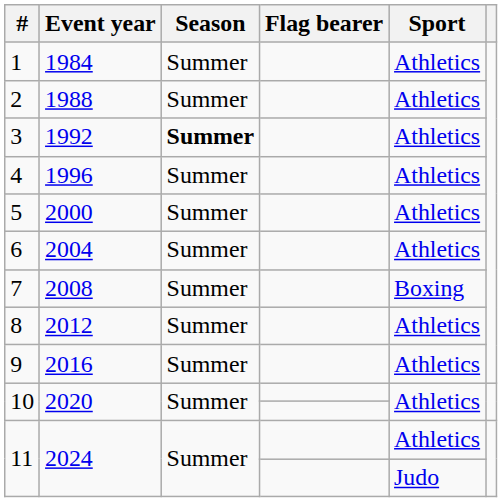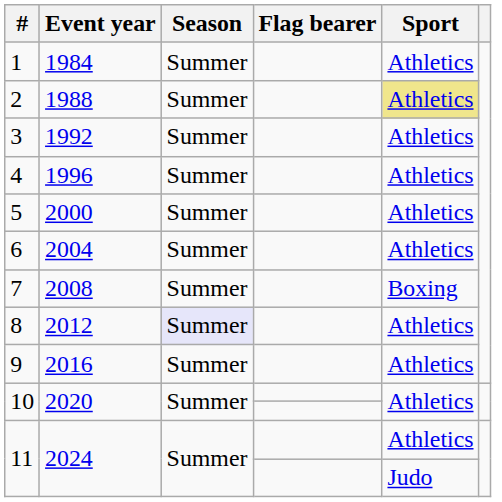 <table class="wikitable sortable">
 <tr>
 <th>#</th>
 <th>Event year</th>
 <th>Season</th>
 <th>Flag bearer</th>
 <th>Sport</th>
 <th></th>
 </tr>
 <tr>
 <td>1</td>
 <td><a href='#'>1984</a></td>
 <td>Summer</td>
 <td></td>
 <td><a href='#'>Athletics</a></td>
 <td rowspan=9></td>
 </tr>
 <tr>
 <td>2</td>
 <td><a href='#'>1988</a></td>
 <td>Summer</td>
 <td></td>
-<td><a href='#'>Athletics</a></td>
+<td style="background: khaki;"><a href='#'>Athletics</a></td>
 </tr>
 <tr>
 <td>3</td>
 <td><a href='#'>1992</a></td>
-<td><strong>Summer</strong></td>
+<td>Summer</td>
 <td></td>
 <td><a href='#'>Athletics</a></td>
 </tr>
 <tr>
 <td>4</td>
 <td><a href='#'>1996</a></td>
 <td>Summer</td>
 <td></td>
 <td><a href='#'>Athletics</a></td>
 </tr>
 <tr>
 <td>5</td>
 <td><a href='#'>2000</a></td>
 <td>Summer</td>
 <td></td>
 <td><a href='#'>Athletics</a></td>
 </tr>
 <tr>
 <td>6</td>
 <td><a href='#'>2004</a></td>
 <td>Summer</td>
 <td></td>
 <td><a href='#'>Athletics</a></td>
 </tr>
 <tr>
 <td>7</td>
 <td><a href='#'>2008</a></td>
 <td>Summer</td>
 <td></td>
 <td><a href='#'>Boxing</a></td>
 </tr>
 <tr>
 <td>8</td>
 <td><a href='#'>2012</a></td>
-<td>Summer</td>
+<td style="background: lavender;">Summer</td>
 <td></td>
 <td><a href='#'>Athletics</a></td>
 </tr>
 <tr>
 <td>9</td>
 <td><a href='#'>2016</a></td>
 <td>Summer</td>
 <td></td>
 <td><a href='#'>Athletics</a></td>
 </tr>
 <tr>
 <td rowspan=2>10</td>
 <td rowspan=2><a href='#'>2020</a></td>
 <td rowspan=2>Summer</td>
 <td></td>
 <td rowspan=2><a href='#'>Athletics</a></td>
 <td rowspan=2></td>
 </tr>
 <tr>
 <td></td>
 </tr>
 <tr>
 <td rowspan=2>11</td>
 <td rowspan=2><a href='#'>2024</a></td>
 <td rowspan=2>Summer</td>
 <td></td>
 <td><a href='#'>Athletics</a></td>
 <td rowspan=2></td>
 </tr>
 <tr>
 <td></td>
 <td><a href='#'>Judo</a></td>
 </tr>
 </table>
